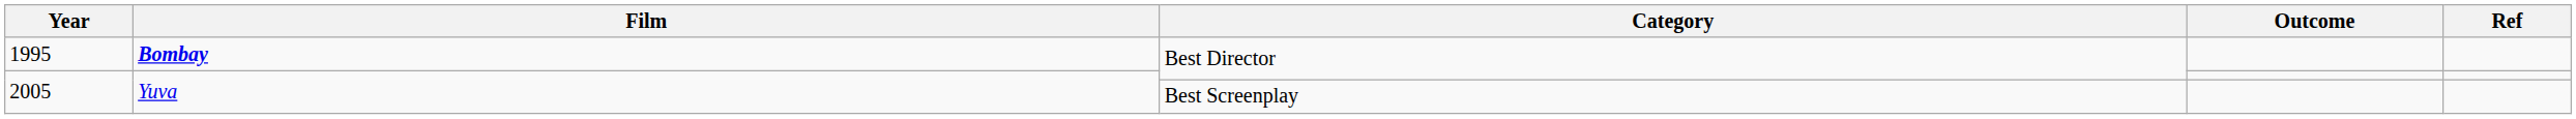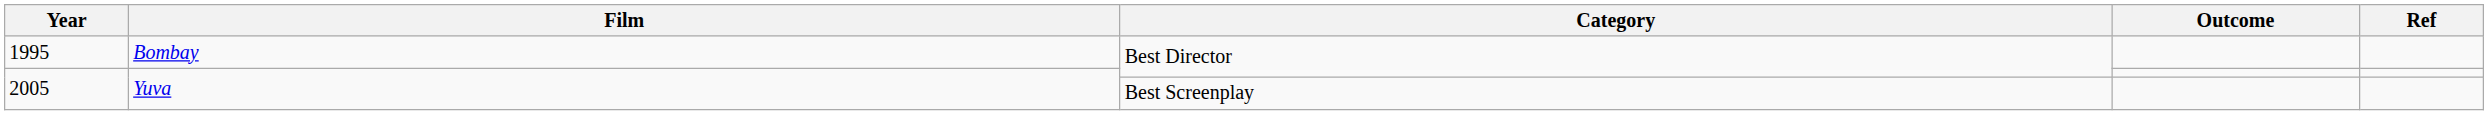 <table class="wikitable" style="width:100%;">
 <tr>
 <th width=5%>Year</th>
 <th style="width:40%;">Film</th>
 <th style="width:40%;">Category</th>
 <th style="width:10%;">Outcome</th>
 <th style="width:5%;">Ref</th>
 </tr>
 <tr>
 <td>1995</td>
-<td><strong><em><a href='#'>Bombay</a></em></strong></td>
+<td><em><a href='#'>Bombay</a></em></td>
 <td rowspan="2">Best Director</td>
 <td></td>
 <td></td>
 </tr>
 <tr>
 <td rowspan ="2">2005</td>
 <td rowspan ="2"><em><a href='#'>Yuva</a></em></td>
 <td></td>
 <td></td>
 </tr>
 <tr>
 <td>Best Screenplay</td>
 <td></td>
 <td></td>
 </tr>
 </table>
